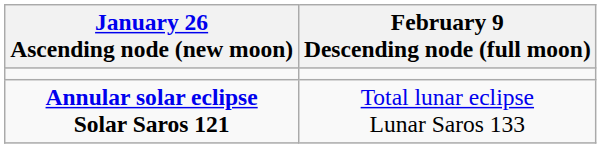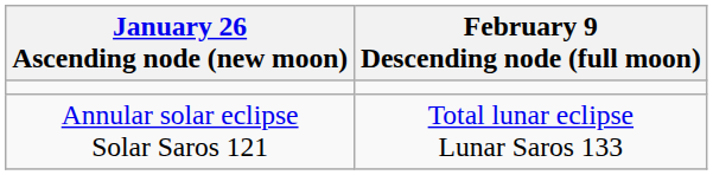 <table class="wikitable">
 <tr>
 <th><a href='#'>January 26</a><br>Ascending node (new moon)<br></th>
 <th>February 9<br>Descending node (full moon)<br></th>
 </tr>
 <tr>
 <td></td>
 <td></td>
 </tr>
 <tr align=center>
-<td><strong><a href='#'>Annular solar eclipse</a><br>Solar Saros 121</strong></td>
+<td><a href='#'>Annular solar eclipse</a><br>Solar Saros 121</td>
 <td><a href='#'>Total lunar eclipse</a><br>Lunar Saros 133</td>
 </tr>
 </table>
